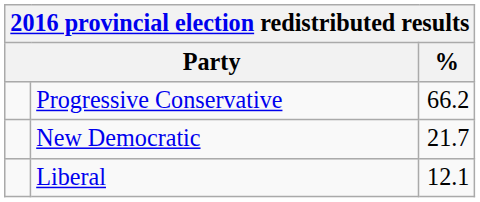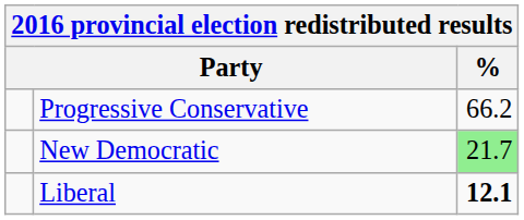 <table class="wikitable">
 <tr>
 <th colspan="4"><a href='#'>2016 provincial election</a> redistributed results</th>
 </tr>
 <tr>
 <th bgcolor="#DDDDFF" width="130px" colspan="2">Party</th>
 <th bgcolor="#DDDDFF" width="30px">%</th>
 </tr>
 <tr>
 <td> </td>
 <td><a href='#'>Progressive Conservative</a></td>
 <td align=right>66.2</td>
 </tr>
 <tr>
 <td> </td>
 <td><a href='#'>New Democratic</a></td>
-<td align=right>21.7</td>
+<td align=right style="background: lightgreen;">21.7</td>
 </tr>
 <tr>
 <td> </td>
 <td><a href='#'>Liberal</a></td>
-<td align=right>12.1</td>
+<td align=right><strong>12.1</strong></td>
 </tr>
 </table>
